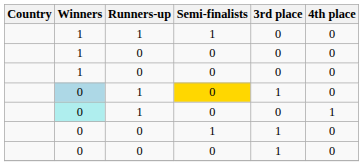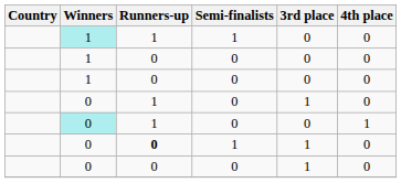 <table class="wikitable sortable" style="text-align:center">
 <tr>
 <th>Country</th>
 <th>Winners</th>
 <th>Runners-up</th>
 <th>Semi-finalists</th>
 <th>3rd place</th>
 <th>4th place</th>
 </tr>
 <tr>
 <td align=left></td>
-<td>1</td>
+<td style="background: paleturquoise;">1</td>
 <td>1</td>
 <td>1</td>
 <td>0</td>
 <td>0</td>
 </tr>
 <tr>
 <td align=left></td>
 <td>1</td>
 <td>0</td>
 <td>0</td>
 <td>0</td>
 <td>0</td>
 </tr>
 <tr>
 <td align=left></td>
 <td>1</td>
 <td>0</td>
 <td>0</td>
 <td>0</td>
 <td>0</td>
 </tr>
 <tr>
 <td align="left"></td>
-<td style="background: lightblue;">0</td>
+<td>0</td>
 <td>1</td>
-<td style="background: gold;">0</td>
+<td>0</td>
 <td>1</td>
 <td>0</td>
 </tr>
 <tr>
 <td align=left></td>
 <td style="background: paleturquoise;">0</td>
 <td>1</td>
 <td>0</td>
 <td>0</td>
 <td>1</td>
 </tr>
 <tr>
 <td align=left></td>
 <td>0</td>
-<td>0</td>
+<td><strong>0</strong></td>
 <td>1</td>
 <td>1</td>
 <td>0</td>
 </tr>
 <tr>
 <td align=left></td>
 <td>0</td>
 <td>0</td>
 <td>0</td>
 <td>1</td>
 <td>0</td>
 </tr>
 <tr>
 </tr>
 </table>
